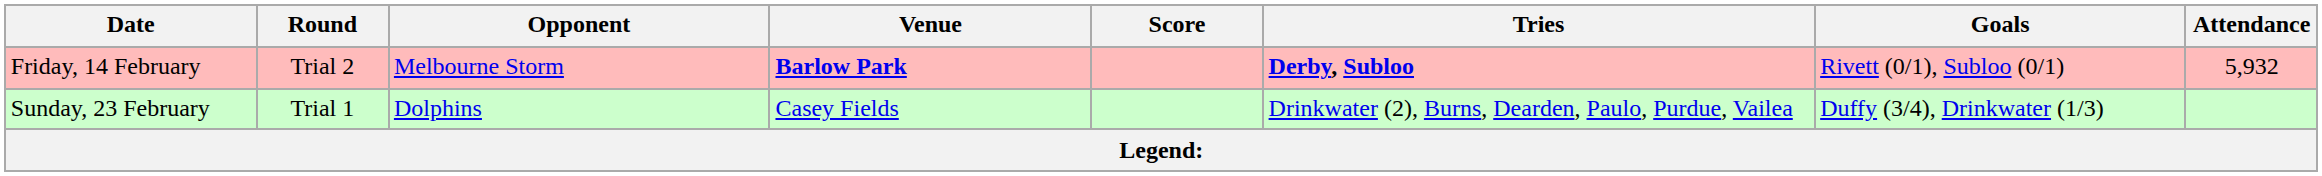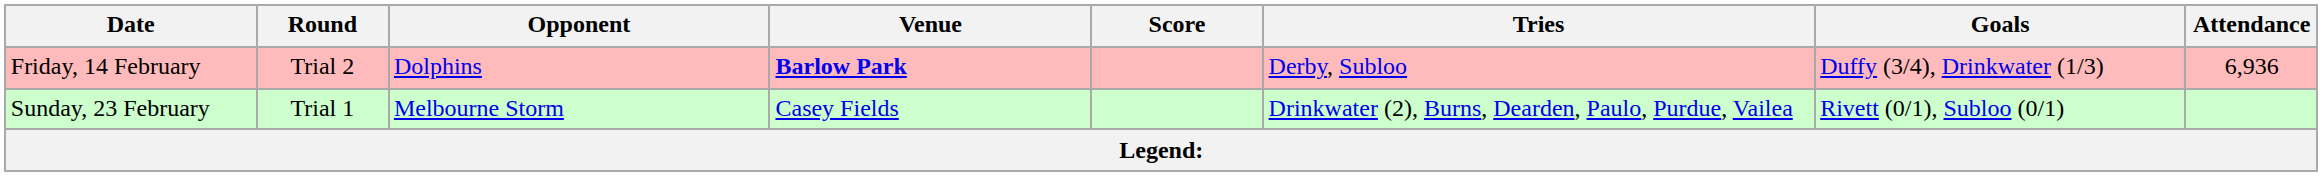 <table class="wikitable" style="font-size:75%;">
 <tr>
 <th style="width:120px;">Date</th>
 <th style="width:60px;">Round</th>
 <th style="width:185px;">Opponent</th>
 <th style="width:155px;">Venue</th>
 <th style="width:80px;">Score</th>
 <th style="width:270px;">Tries</th>
 <th style="width:180px;">Goals</th>
 <th style="width:60px;">Attendance</th>
 </tr>
 <tr style="background:#FFBBBB">
 <td>Friday, 14 February</td>
 <td style="text-align:center;">Trial 2</td>
-<td> <a href='#'>Melbourne Storm</a></td>
+<td> <a href='#'>Dolphins</a></td>
 <td><strong><a href='#'>Barlow Park</a></strong></td>
 <td style="text-align:center;"></td>
-<td><strong><a href='#'>Derby</a>, <a href='#'>Subloo</a></strong></td>
-<td><a href='#'>Rivett</a> (0/1), <a href='#'>Subloo</a> (0/1)</td>
-<td style="text-align:center;">5,932</td>
+<td><a href='#'>Derby</a>, <a href='#'>Subloo</a></td>
+<td><a href='#'>Duffy</a> (3/4), <a href='#'>Drinkwater</a> (1/3)</td>
+<td style="text-align:center;">6,936</td>
 </tr>
 <tr style="background:#CCFFCC">
 <td>Sunday, 23 February</td>
 <td style="text-align:center;">Trial 1</td>
-<td> <a href='#'>Dolphins</a></td>
+<td> <a href='#'>Melbourne Storm</a></td>
 <td><a href='#'>Casey Fields</a></td>
 <td style="text-align:center;"></td>
 <td><a href='#'>Drinkwater</a> (2), <a href='#'>Burns</a>, <a href='#'>Dearden</a>, <a href='#'>Paulo</a>, <a href='#'>Purdue</a>, <a href='#'>Vailea</a></td>
-<td><a href='#'>Duffy</a> (3/4), <a href='#'>Drinkwater</a> (1/3)</td>
+<td><a href='#'>Rivett</a> (0/1), <a href='#'>Subloo</a> (0/1)</td>
 <td style="text-align:center;"></td>
 </tr>
 <tr>
 <th colspan="11"><strong>Legend</strong>:    </th>
 </tr>
 </table>
